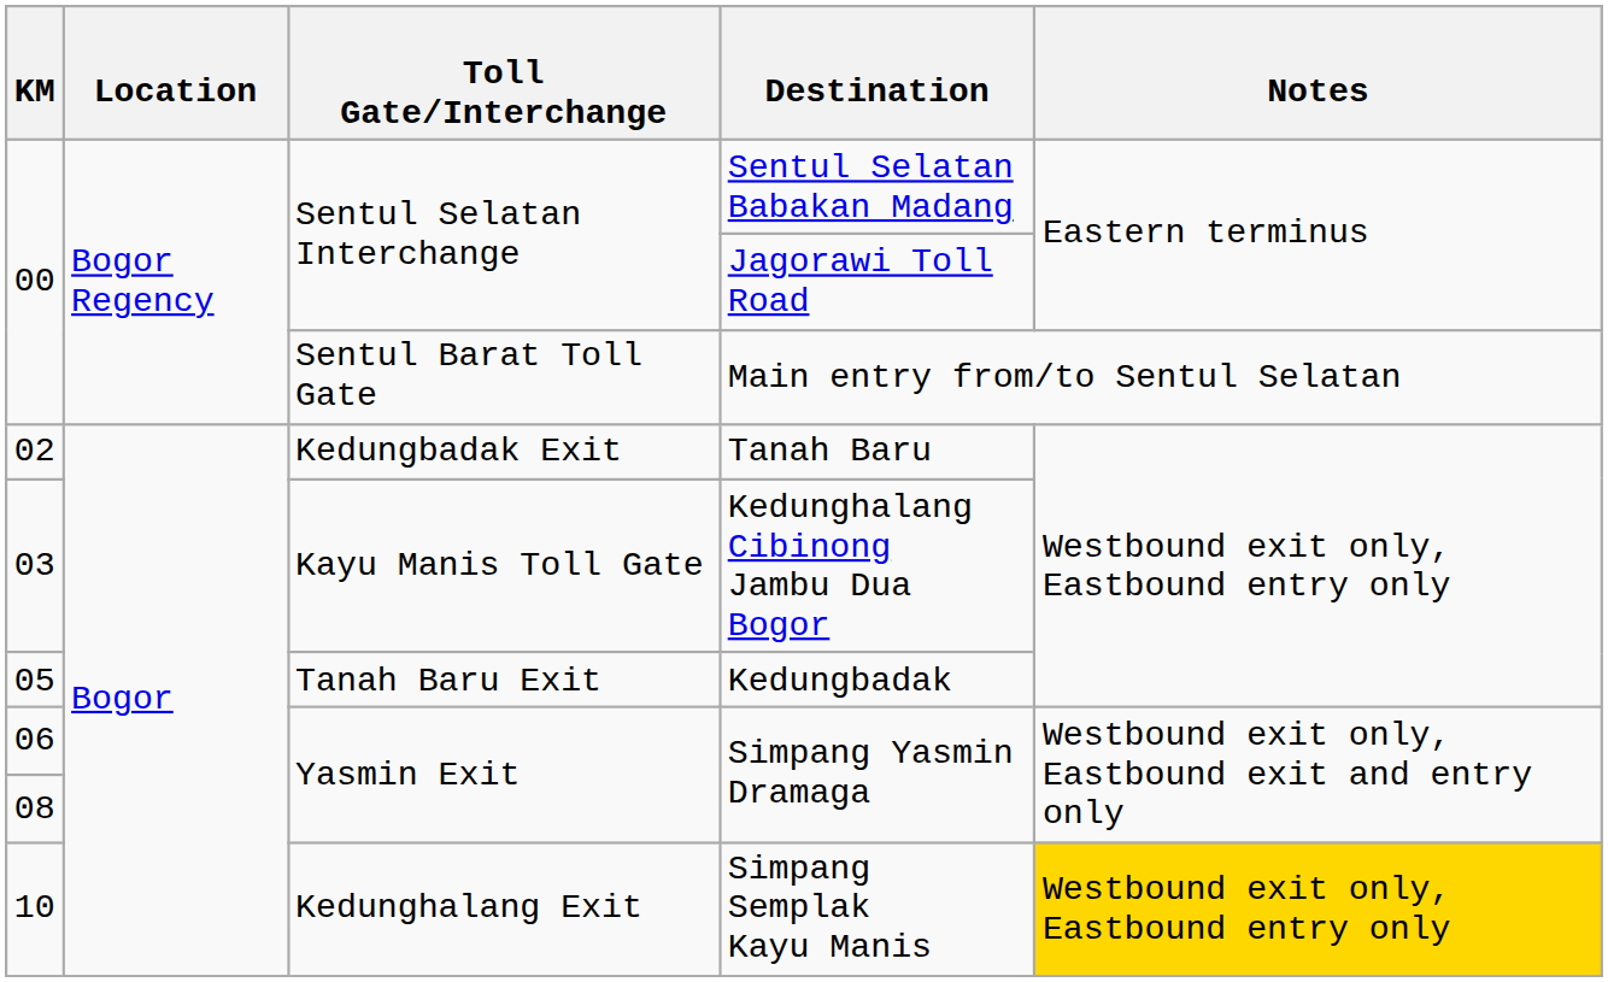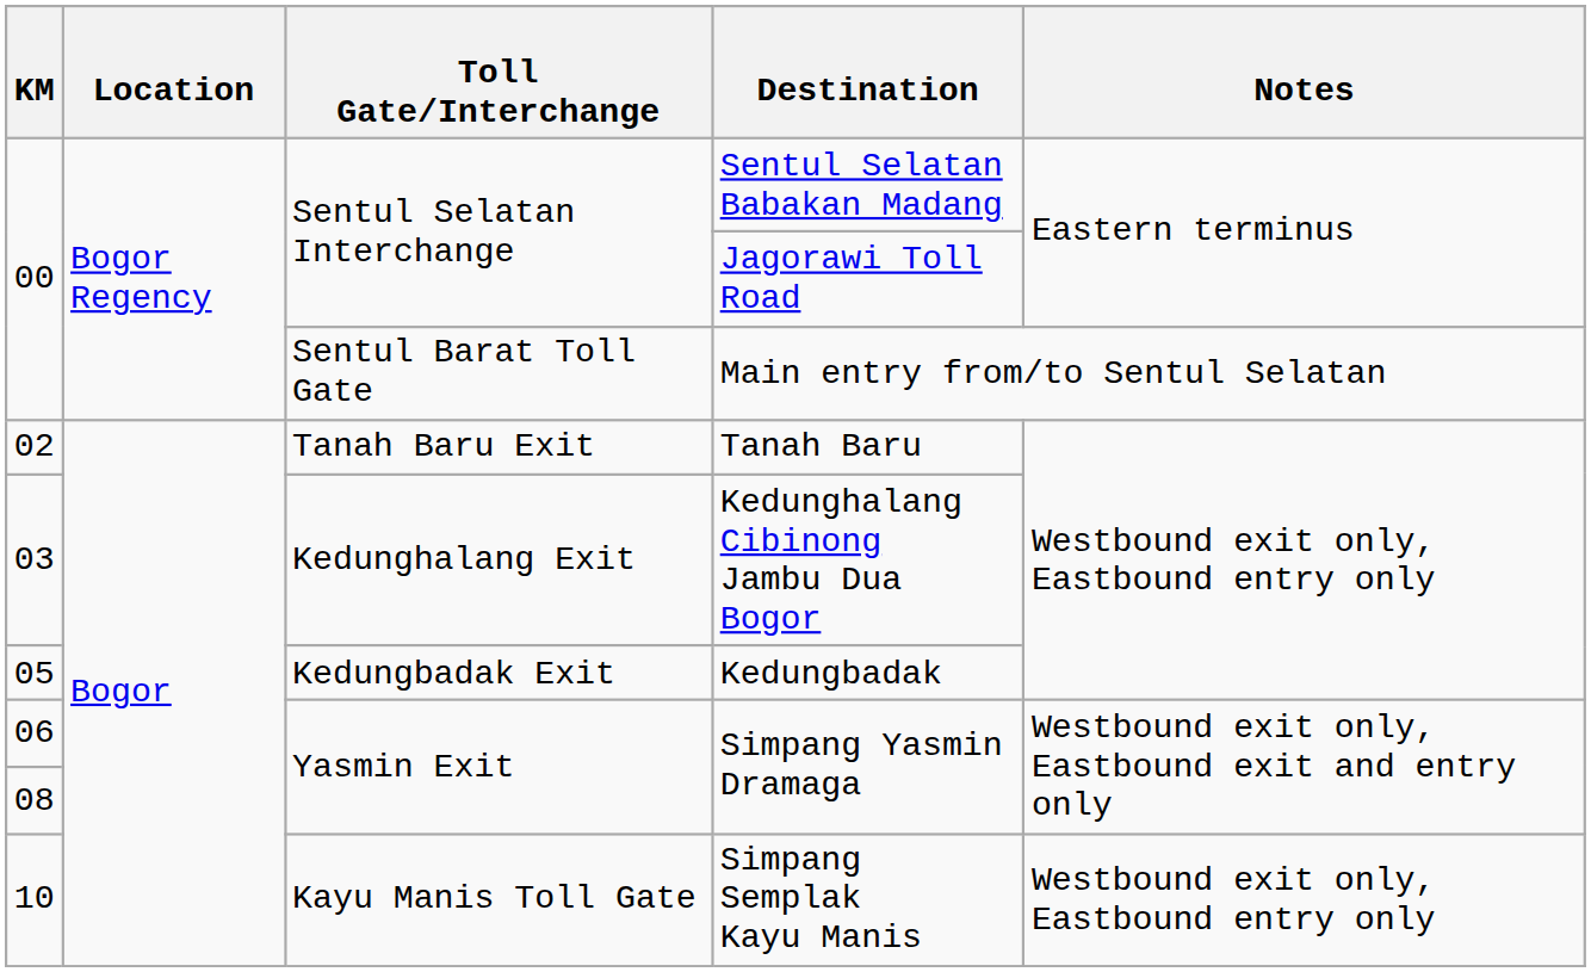 <table class="wikitable">
 <tr>
 <th><br>KM</th>
 <th><br>Location</th>
 <th><br>Toll Gate/Interchange</th>
 <th><br>Destination</th>
 <th><br>Notes</th>
 </tr>
 <tr>
 <td rowspan="3">00</td>
 <td rowspan="3"><a href='#'>Bogor Regency</a></td>
 <td rowspan="2">Sentul Selatan Interchange</td>
 <td><a href='#'>Sentul Selatan</a><br><a href='#'>Babakan Madang</a></td>
 <td rowspan="2">Eastern terminus</td>
 </tr>
 <tr>
 <td><a href='#'>Jagorawi Toll Road</a></td>
 </tr>
 <tr>
 <td>Sentul Barat Toll Gate</td>
 <td colspan="2">Main entry from/to Sentul Selatan</td>
 </tr>
 <tr>
 <td>02</td>
 <td rowspan="6"><a href='#'>Bogor</a></td>
-<td>Kedungbadak Exit</td>
+<td>Tanah Baru Exit</td>
 <td>Tanah Baru</td>
 <td rowspan="3">Westbound exit only, Eastbound entry only</td>
 </tr>
 <tr>
 <td>03</td>
-<td>Kayu Manis Toll Gate</td>
+<td>Kedunghalang Exit</td>
 <td>Kedunghalang<br><a href='#'>Cibinong</a><br>Jambu Dua<br><a href='#'>Bogor</a></td>
 </tr>
 <tr>
 <td>05</td>
-<td>Tanah Baru Exit</td>
+<td>Kedungbadak Exit</td>
 <td>Kedungbadak</td>
 </tr>
 <tr>
 <td>06</td>
 <td rowspan="2">Yasmin Exit</td>
 <td rowspan="2">Simpang Yasmin<br>Dramaga</td>
 <td rowspan="2">Westbound exit only, Eastbound exit and entry only</td>
 </tr>
 <tr>
 <td>08</td>
 </tr>
 <tr>
 <td>10</td>
-<td>Kedunghalang Exit</td>
+<td>Kayu Manis Toll Gate</td>
 <td>Simpang Semplak<br>Kayu Manis</td>
-<td style="background: gold;">Westbound exit only, Eastbound entry only</td>
+<td>Westbound exit only, Eastbound entry only</td>
 </tr>
 </table>
